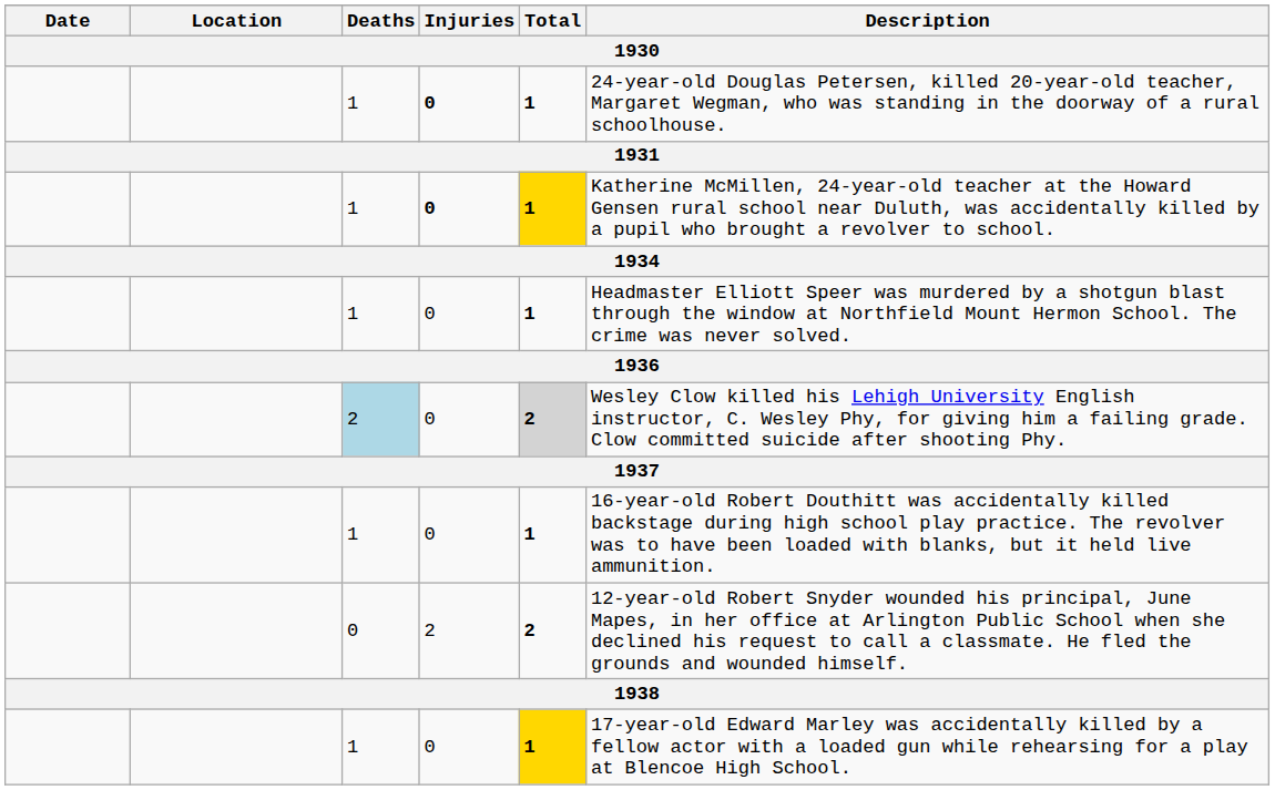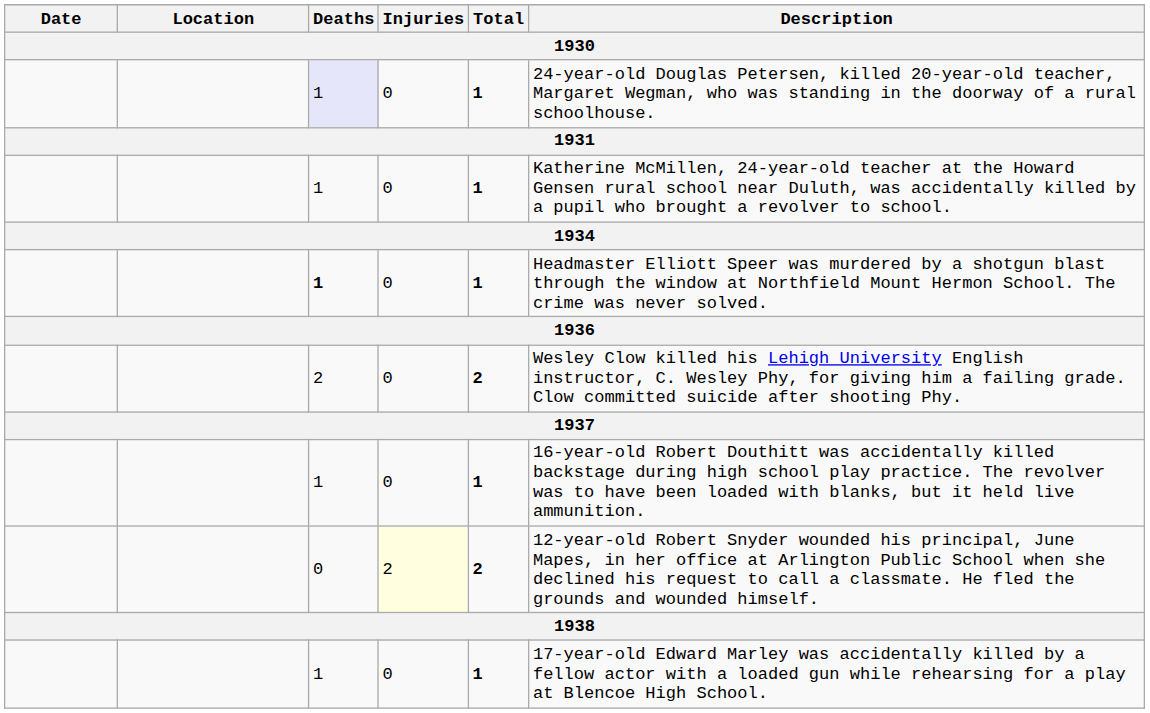 <table class="sortable wikitable" style="font-size:100%;" id="1930s">
 <tr>
 </tr>
 <tr>
 <th style="width:80px;">Date</th>
 <th style="width:140px;">Location</th>
 <th style="width:40px;">Deaths</th>
 <th style="width:40px;">Injuries</th>
 <th style="width:40px;">Total</th>
 <th class="unsortable">Description</th>
 </tr>
 <tr>
 <th colspan="6">1930 </th>
 </tr>
 <tr>
 <td></td>
 <td></td>
-<td>1</td>
-<td><strong>0</strong></td>
+<td style="background: lavender;">1</td>
+<td>0</td>
 <td><strong>1</strong></td>
 <td>24-year-old Douglas Petersen, killed 20-year-old teacher, Margaret Wegman, who was standing in the doorway of a rural schoolhouse.</td>
 </tr>
 <tr>
 <th colspan="6">1931 </th>
 </tr>
 <tr>
 <td></td>
 <td></td>
 <td>1</td>
-<td><strong>0</strong></td>
-<td style="background: gold;"><strong>1</strong></td>
+<td>0</td>
+<td><strong>1</strong></td>
 <td>Katherine McMillen, 24-year-old teacher at the Howard Gensen rural school near Duluth, was accidentally killed by a pupil who brought a revolver to school.</td>
 </tr>
 <tr>
 <th colspan="6">1934 </th>
 </tr>
 <tr>
 <td></td>
 <td></td>
-<td>1</td>
+<td><strong>1</strong></td>
 <td>0</td>
 <td><strong>1</strong></td>
 <td>Headmaster Elliott Speer was murdered by a shotgun blast through the window at Northfield Mount Hermon School. The crime was never solved.</td>
 </tr>
 <tr>
 <th colspan="6">1936 </th>
 </tr>
 <tr>
 <td></td>
 <td></td>
-<td style="background: lightblue;">2</td>
+<td>2</td>
 <td>0</td>
-<td style="background: lightgrey;"><strong>2</strong></td>
+<td><strong>2</strong></td>
 <td>Wesley Clow killed his <a href='#'>Lehigh University</a> English instructor, C. Wesley Phy, for giving him a failing grade. Clow committed suicide after shooting Phy.</td>
 </tr>
 <tr>
 <th colspan="6">1937 </th>
 </tr>
 <tr>
 <td></td>
 <td></td>
 <td>1</td>
 <td>0</td>
 <td><strong>1</strong></td>
 <td>16-year-old Robert Douthitt was accidentally killed backstage during high school play practice. The revolver was to have been loaded with blanks, but it held live ammunition.</td>
 </tr>
 <tr>
 <td></td>
 <td></td>
 <td>0</td>
-<td>2</td>
+<td style="background: lightyellow;">2</td>
 <td><strong>2</strong></td>
 <td>12-year-old Robert Snyder wounded his principal, June Mapes, in her office at Arlington Public School when she declined his request to call a classmate. He fled the grounds and wounded himself.</td>
 </tr>
 <tr>
 <th colspan="6">1938 </th>
 </tr>
 <tr>
 <td></td>
 <td></td>
 <td>1</td>
 <td>0</td>
-<td style="background: gold;"><strong>1</strong></td>
+<td><strong>1</strong></td>
 <td>17-year-old Edward Marley was accidentally killed by a fellow actor with a loaded gun while rehearsing for a play at Blencoe High School.</td>
 </tr>
 </table>
